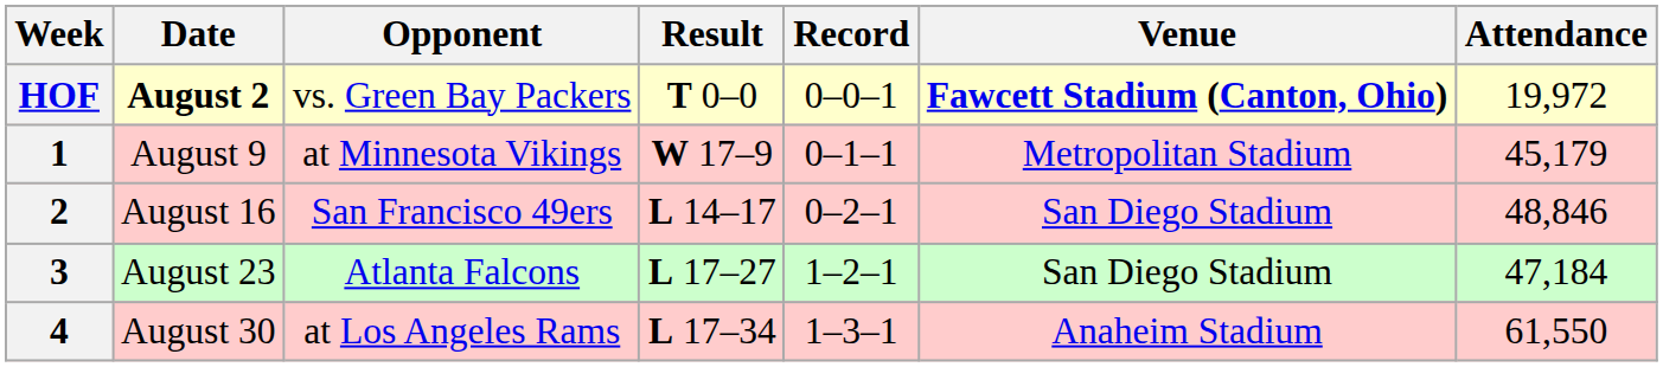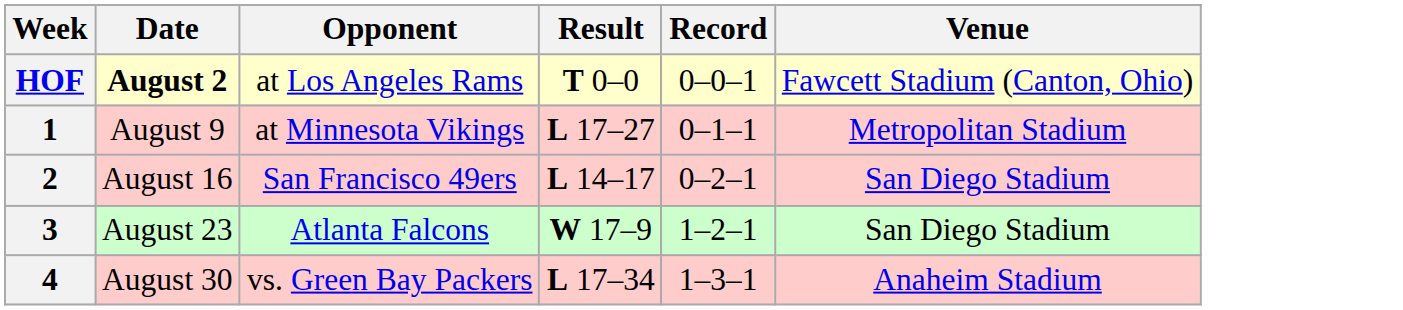 <table class="wikitable" style="text-align:center">
 <tr>
 <th>Week</th>
 <th>Date</th>
 <th>Opponent</th>
 <th>Result</th>
 <th>Record</th>
 <th>Venue</th>
-<th>Attendance</th>
 </tr>
 <tr style="background: #ffc;">
 <th><a href='#'>HOF</a></th>
 <td><strong>August 2</strong></td>
-<td>vs. <a href='#'>Green Bay Packers</a></td>
+<td>at <a href='#'>Los Angeles Rams</a></td>
 <td><strong>T</strong> 0–0</td>
 <td>0–0–1</td>
-<td><strong><a href='#'>Fawcett Stadium</a> (<a href='#'>Canton, Ohio</a>)</strong></td>
-<td>19,972</td>
+<td><a href='#'>Fawcett Stadium</a> (<a href='#'>Canton, Ohio</a>)</td>
 </tr>
 <tr style="background: #fcc;">
 <th>1</th>
 <td>August 9</td>
 <td>at <a href='#'>Minnesota Vikings</a></td>
-<td><strong>W</strong> 17–9</td>
+<td><strong>L</strong> 17–27</td>
 <td>0–1–1</td>
 <td><a href='#'>Metropolitan Stadium</a></td>
-<td>45,179</td>
 </tr>
 <tr style="background: #fcc;">
 <th>2</th>
 <td>August 16</td>
 <td><a href='#'>San Francisco 49ers</a></td>
 <td><strong>L</strong> 14–17</td>
 <td>0–2–1</td>
 <td><a href='#'>San Diego Stadium</a></td>
-<td>48,846</td>
 </tr>
 <tr style="background: #cfc;">
 <th>3</th>
 <td>August 23</td>
 <td><a href='#'>Atlanta Falcons</a></td>
-<td><strong>L</strong> 17–27</td>
+<td><strong>W</strong> 17–9</td>
 <td>1–2–1</td>
 <td>San Diego Stadium</td>
-<td>47,184</td>
 </tr>
 <tr style="background: #fcc;">
 <th>4</th>
 <td>August 30</td>
-<td>at <a href='#'>Los Angeles Rams</a></td>
+<td>vs. <a href='#'>Green Bay Packers</a></td>
 <td><strong>L</strong> 17–34</td>
 <td>1–3–1</td>
 <td><a href='#'>Anaheim Stadium</a></td>
-<td>61,550</td>
 </tr>
 </table>
